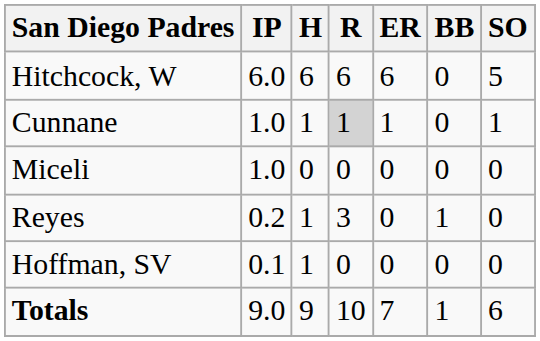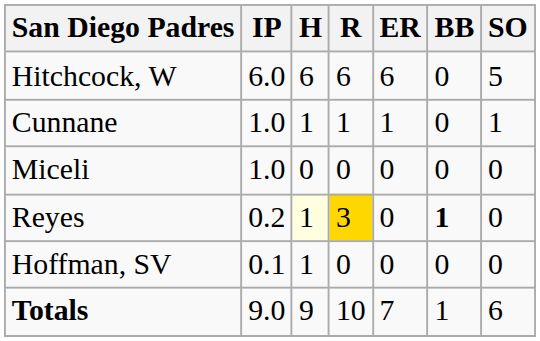 <table class="wikitable sortable">
 <tr>
 <th><strong>San Diego Padres</strong></th>
 <th>IP</th>
 <th>H</th>
 <th>R</th>
 <th>ER</th>
 <th>BB</th>
 <th>SO</th>
 </tr>
 <tr>
 <td>Hitchcock, W</td>
 <td>6.0</td>
 <td>6</td>
 <td>6</td>
 <td>6</td>
 <td>0</td>
 <td>5</td>
 </tr>
 <tr>
 <td>Cunnane</td>
 <td>1.0</td>
 <td>1</td>
-<td style="background: lightgrey;">1</td>
+<td>1</td>
 <td>1</td>
 <td>0</td>
 <td>1</td>
 </tr>
 <tr>
 <td>Miceli</td>
 <td>1.0</td>
 <td>0</td>
 <td>0</td>
 <td>0</td>
 <td>0</td>
 <td>0</td>
 </tr>
 <tr>
 <td>Reyes</td>
 <td>0.2</td>
-<td>1</td>
-<td>3</td>
+<td style="background: lightyellow;">1</td>
+<td style="background: gold;">3</td>
 <td>0</td>
-<td>1</td>
+<td><strong>1</strong></td>
 <td>0</td>
 </tr>
 <tr>
 <td>Hoffman, SV</td>
 <td>0.1</td>
 <td>1</td>
 <td>0</td>
 <td>0</td>
 <td>0</td>
 <td>0</td>
 </tr>
 <tr>
 <td><strong>Totals</strong></td>
 <td>9.0</td>
 <td>9</td>
 <td>10</td>
 <td>7</td>
 <td>1</td>
 <td>6</td>
 </tr>
 <tr>
 </tr>
 </table>
